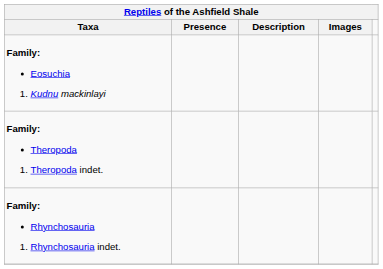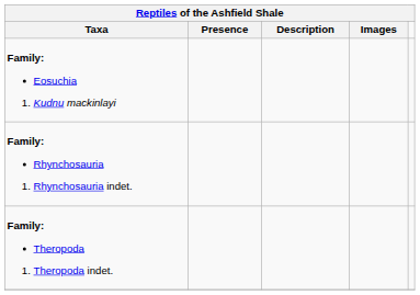 <table class="wikitable" align="center" width="100%">
 <tr>
 <th colspan="5" align="center"><strong><a href='#'>Reptiles</a> of the Ashfield Shale</strong></th>
 </tr>
 <tr>
 <th>Taxa</th>
 <th>Presence</th>
 <th>Description</th>
 <th>Images</th>
 </tr>
 <tr>
 <td><br><strong>Family:</strong><ul><li><a href='#'>Eosuchia</a></li></ul><ol><li><em><a href='#'>Kudnu</a> mackinlayi</em></li></ol></td>
 <td></td>
 <td></td>
 <td></td>
 <td></td>
 </tr>
 <tr>
-<td><br><strong>Family:</strong><ul><li><a href='#'>Theropoda</a></li></ul><ol><li><a href='#'>Theropoda</a> indet.</li></ol></td>
+<td><br><strong>Family:</strong><ul><li><a href='#'>Rhynchosauria</a></li></ul><ol><li><a href='#'>Rhynchosauria</a> indet.</li></ol></td>
 <td></td>
 <td></td>
 <td></td>
 <td></td>
 </tr>
 <tr>
-<td><br><strong>Family:</strong><ul><li><a href='#'>Rhynchosauria</a></li></ul><ol><li><a href='#'>Rhynchosauria</a> indet.</li></ol></td>
+<td><br><strong>Family:</strong><ul><li><a href='#'>Theropoda</a></li></ul><ol><li><a href='#'>Theropoda</a> indet.</li></ol></td>
 <td></td>
 <td></td>
 <td></td>
 <td></td>
 </tr>
 <tr>
 </tr>
 </table>
